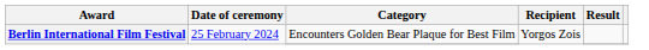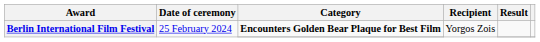 <table class="wikitable sortable plainrowheaders">
 <tr>
 <th>Award</th>
 <th>Date of ceremony</th>
 <th>Category</th>
 <th>Recipient</th>
 <th>Result</th>
 <th></th>
 </tr>
 <tr>
 <th scope="row" rowspan="2"><a href='#'>Berlin International Film Festival</a></th>
 <td rowspan="2"><a href='#'>25 February 2024</a></td>
-<td>Encounters Golden Bear Plaque for Best Film</td>
+<td><strong>Encounters Golden Bear Plaque for Best Film</strong></td>
 <td rowspan="2">Yorgos Zois</td>
 <td></td>
 <td align="center" rowspan="1"></td>
 </tr>
 <tr>
 </tr>
 </table>
